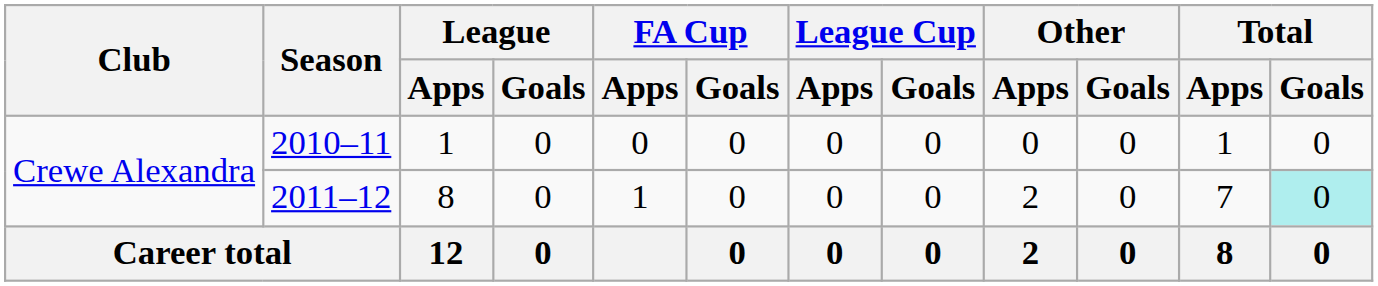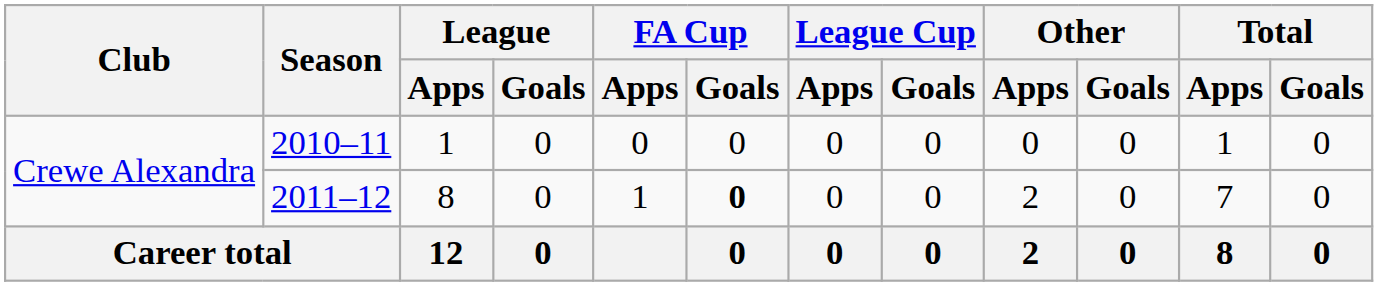 <table class="wikitable" style="text-align:center;">
 <tr>
 <th rowspan="2">Club</th>
 <th rowspan="2">Season</th>
 <th colspan="2">League</th>
 <th colspan="2"><a href='#'>FA Cup</a></th>
 <th colspan="2"><a href='#'>League Cup</a></th>
 <th colspan="2">Other</th>
 <th colspan="2">Total</th>
 </tr>
 <tr>
 <th>Apps</th>
 <th>Goals</th>
 <th>Apps</th>
 <th>Goals</th>
 <th>Apps</th>
 <th>Goals</th>
 <th>Apps</th>
 <th>Goals</th>
 <th>Apps</th>
 <th>Goals</th>
 </tr>
 <tr>
 <td rowspan="2"><a href='#'>Crewe Alexandra</a></td>
 <td><a href='#'>2010–11</a></td>
 <td>1</td>
 <td>0</td>
 <td>0</td>
 <td>0</td>
 <td>0</td>
 <td>0</td>
 <td>0</td>
 <td>0</td>
 <td>1</td>
 <td>0</td>
 </tr>
 <tr>
 <td><a href='#'>2011–12</a></td>
 <td>8</td>
 <td>0</td>
 <td>1</td>
-<td>0</td>
+<td><strong>0</strong></td>
 <td>0</td>
 <td>0</td>
 <td>2</td>
 <td>0</td>
 <td>7</td>
-<td style="background: paleturquoise;">0</td>
+<td>0</td>
 </tr>
 <tr>
 <th colspan="2">Career total</th>
 <th>12</th>
 <th>0</th>
 <th></th>
 <th>0</th>
 <th>0</th>
 <th>0</th>
 <th>2</th>
 <th>0</th>
 <th>8</th>
 <th>0</th>
 </tr>
 </table>
